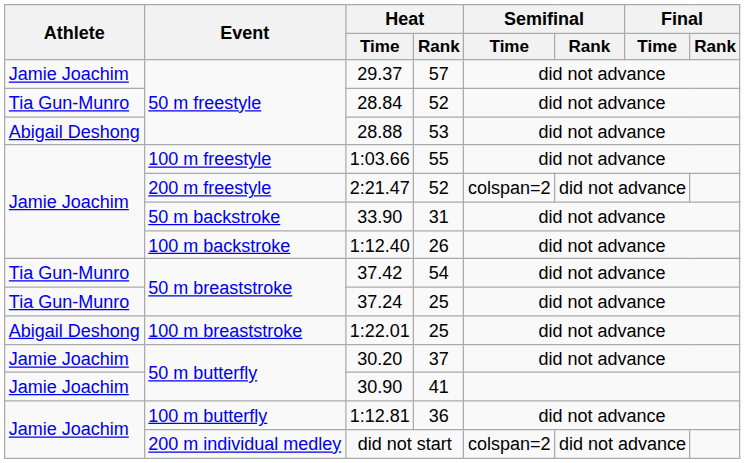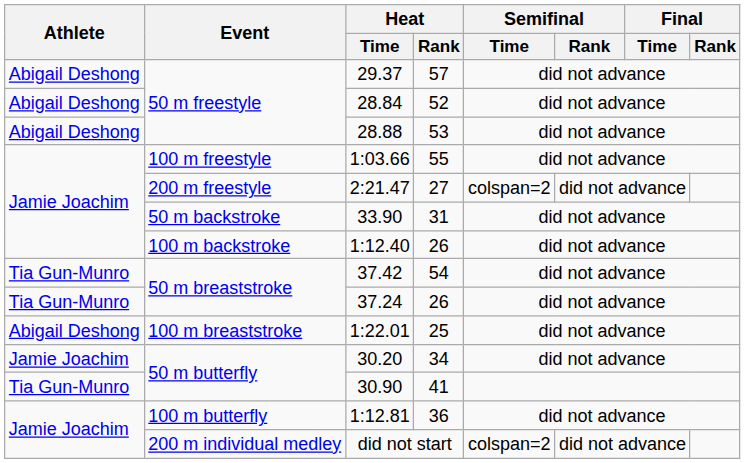 <table class=wikitable style=font-size:90%>
 <tr>
 <th rowspan=2>Athlete</th>
 <th rowspan=2>Event</th>
 <th colspan=2>Heat</th>
 <th colspan=2>Semifinal</th>
 <th colspan=2>Final</th>
 </tr>
 <tr style=font-size:95%>
 <th>Time</th>
 <th>Rank</th>
 <th>Time</th>
 <th>Rank</th>
 <th>Time</th>
 <th>Rank</th>
 </tr>
 <tr align=center>
-<td align=left><a href='#'>Jamie Joachim</a></td>
+<td align=left><a href='#'>Abigail Deshong</a></td>
 <td align=left rowspan="3"><a href='#'>50 m freestyle</a></td>
 <td>29.37</td>
 <td>57</td>
 <td colspan=4>did not advance</td>
 </tr>
 <tr align=center>
-<td align=left><a href='#'>Tia Gun-Munro</a></td>
+<td align=left><a href='#'>Abigail Deshong</a></td>
 <td>28.84</td>
 <td>52</td>
 <td colspan=4>did not advance</td>
 </tr>
 <tr align=center>
 <td align=left><a href='#'>Abigail Deshong</a></td>
 <td>28.88</td>
 <td>53</td>
 <td colspan=4>did not advance</td>
 </tr>
 <tr align=center>
 <td align=left rowspan=4><a href='#'>Jamie Joachim</a></td>
 <td align=left rowspan="1"><a href='#'>100 m freestyle</a></td>
 <td>1:03.66</td>
 <td>55</td>
 <td colspan=4>did not advance</td>
 </tr>
 <tr align=center>
 <td align=left rowspan="1"><a href='#'>200 m freestyle</a></td>
 <td>2:21.47</td>
-<td>52</td>
+<td>27</td>
 <td>colspan=2 </td>
 <td colspan=2>did not advance</td>
 </tr>
 <tr align=center>
 <td align=left rowspan="1"><a href='#'>50 m backstroke</a></td>
 <td>33.90</td>
 <td>31</td>
 <td colspan=4>did not advance</td>
 </tr>
 <tr align=center>
 <td align=left rowspan="1"><a href='#'>100 m backstroke</a></td>
 <td>1:12.40</td>
 <td>26</td>
 <td colspan=4>did not advance</td>
 </tr>
 <tr align=center>
 <td align=left><a href='#'>Tia Gun-Munro</a></td>
 <td align=left rowspan="2"><a href='#'>50 m breaststroke</a></td>
 <td>37.42</td>
 <td>54</td>
 <td colspan=4>did not advance</td>
 </tr>
 <tr align=center>
 <td align=left><a href='#'>Tia Gun-Munro</a></td>
 <td>37.24</td>
-<td>25</td>
+<td>26</td>
 <td colspan=4>did not advance</td>
 </tr>
 <tr align=center>
 <td align=left><a href='#'>Abigail Deshong</a></td>
 <td align=left rowspan="1"><a href='#'>100 m breaststroke</a></td>
 <td>1:22.01</td>
 <td>25</td>
 <td colspan=4>did not advance</td>
 </tr>
 <tr align=center>
 <td align=left><a href='#'>Jamie Joachim</a></td>
 <td align=left rowspan="2"><a href='#'>50 m butterfly</a></td>
 <td>30.20</td>
-<td>37</td>
+<td>34</td>
 <td colspan=4>did not advance</td>
 </tr>
 <tr align=center>
-<td align=left><a href='#'>Jamie Joachim</a></td>
+<td align=left><a href='#'>Tia Gun-Munro</a></td>
 <td>30.90</td>
 <td>41</td>
 </tr>
 <tr align=center>
 <td align=left rowspan=2><a href='#'>Jamie Joachim</a></td>
 <td align=left rowspan="1"><a href='#'>100 m butterfly</a></td>
 <td>1:12.81</td>
 <td>36</td>
 <td colspan=4>did not advance</td>
 </tr>
 <tr align=center>
 <td align=left rowspan="1"><a href='#'>200 m individual medley</a></td>
 <td colspan=2>did not start</td>
 <td>colspan=2 </td>
 <td colspan=2>did not advance</td>
 </tr>
 </table>
